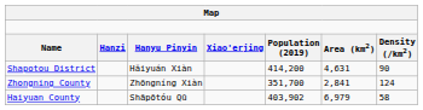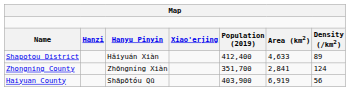 <table class="wikitable"  style="font-size:90%;" align=center>
 <tr>
 <th colspan="8" align="center">Map</th>
 </tr>
 <tr>
 <td colspan="8" align="center"><div><br>      </div></td>
 </tr>
 <tr>
 <th>Name</th>
 <th><a href='#'>Hanzi</a></th>
 <th><a href='#'>Hanyu Pinyin</a></th>
 <th><a href='#'>Xiao'erjing</a></th>
 <th>Population<br>(2019)</th>
 <th>Area (km<sup>2</sup>)</th>
 <th>Density<br>(/km<sup>2</sup>)</th>
 </tr>
 <tr>
 <td><a href='#'>Shapotou District</a></td>
 <td></td>
 <td>Hǎiyuán Xiàn</td>
 <td></td>
-<td>414,200</td>
-<td>4,631</td>
-<td>90</td>
+<td>412,400</td>
+<td>4,633</td>
+<td>89</td>
 </tr>
 <tr>
 <td><a href='#'>Zhongning County</a></td>
 <td></td>
 <td>Zhōngníng Xiàn</td>
 <td></td>
 <td>351,700</td>
 <td>2,841</td>
 <td>124</td>
 </tr>
 <tr>
 <td><a href='#'>Haiyuan County</a></td>
 <td></td>
 <td>Shāpōtóu Qū</td>
 <td></td>
-<td>403,902</td>
-<td>6,979</td>
-<td>58</td>
+<td>403,900</td>
+<td>6,919</td>
+<td>56</td>
 </tr>
 </table>
